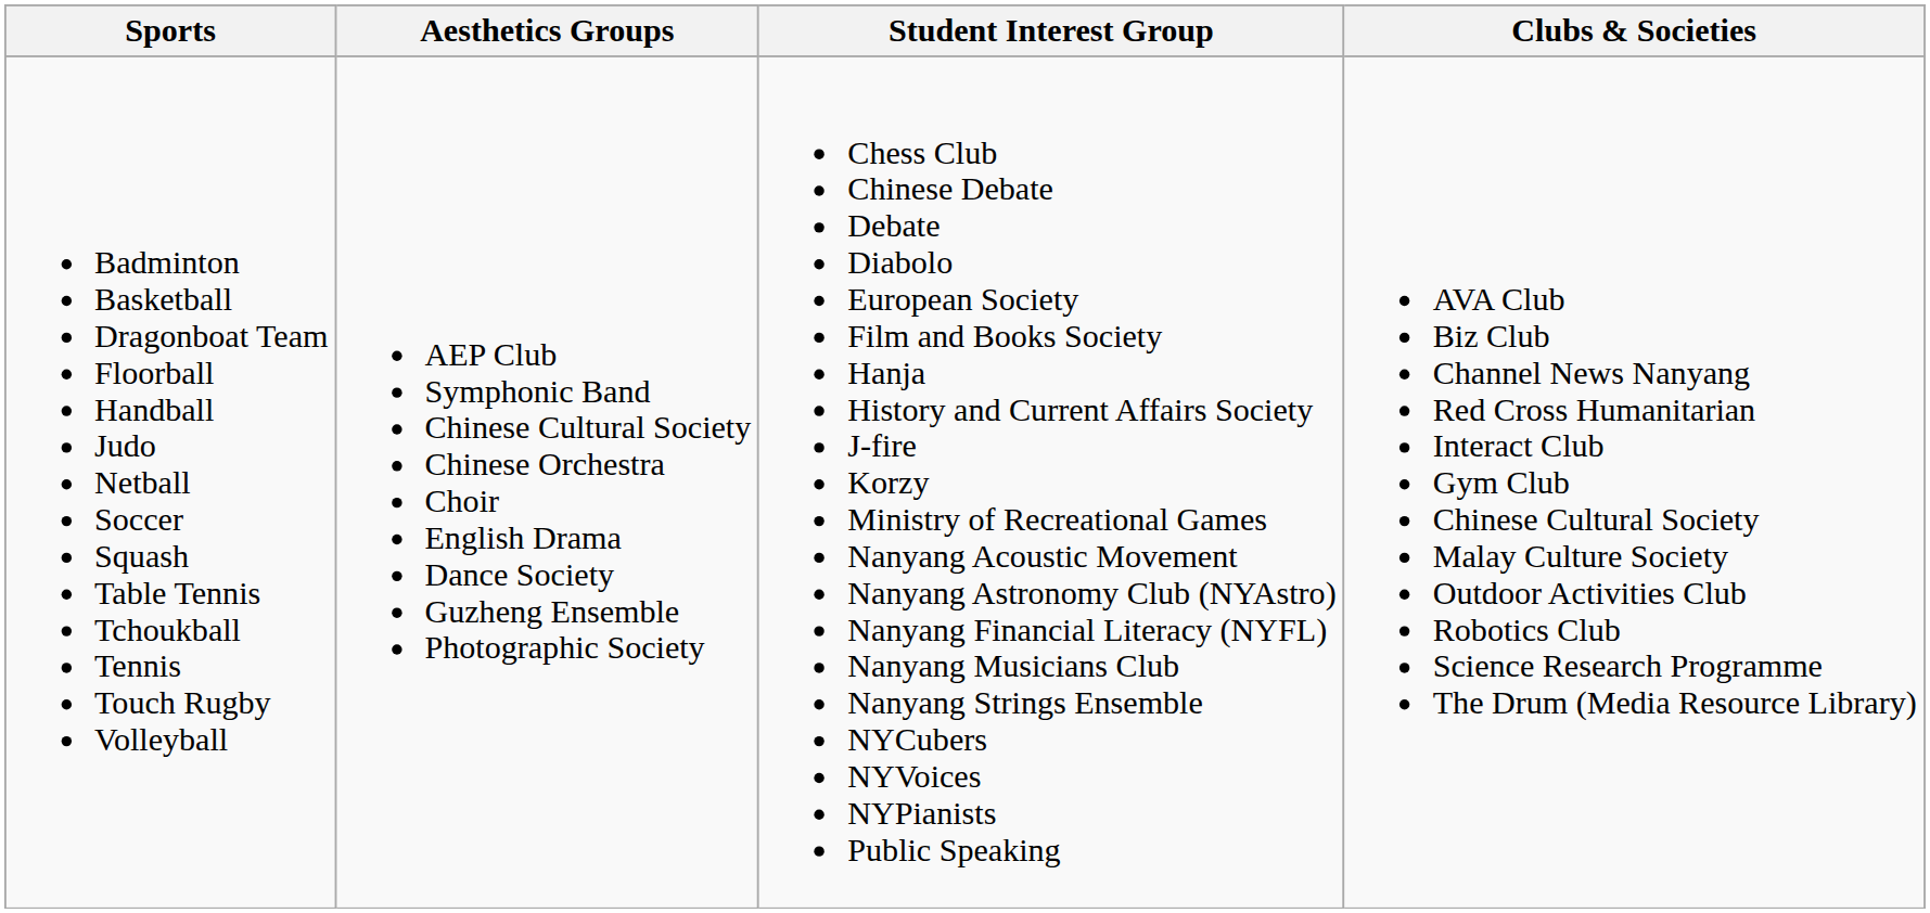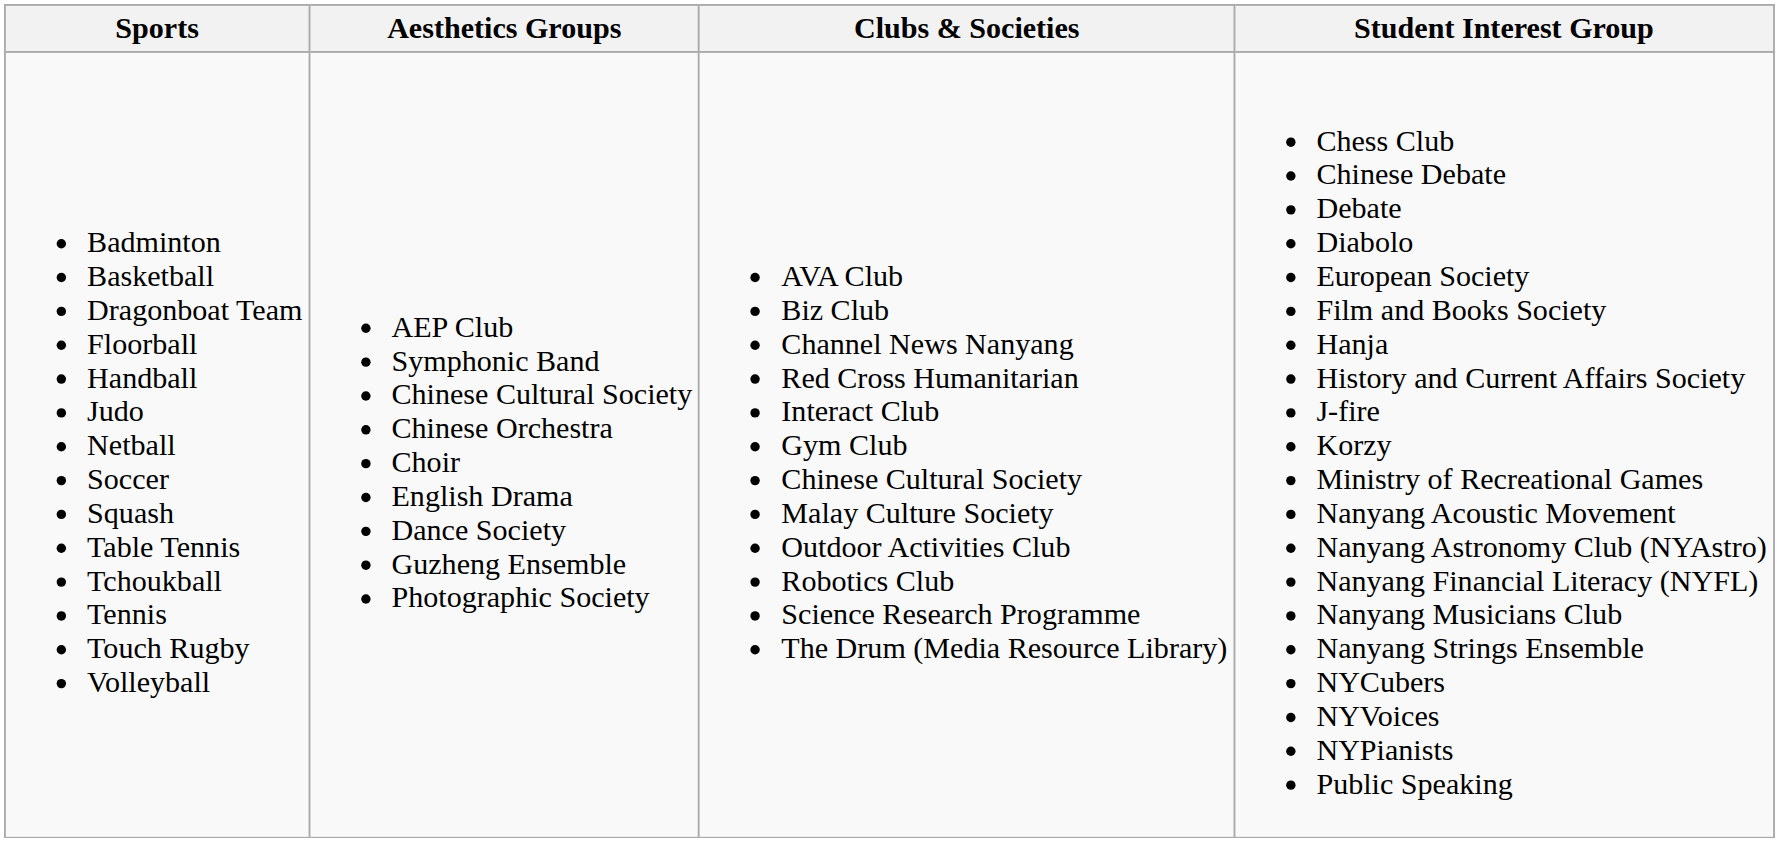 <table class="wikitable">
 <tr>
 <th>Sports</th>
 <th>Aesthetics Groups</th>
+<th>Clubs & Societies</th>
 <th>Student Interest Group</th>
-<th>Clubs & Societies</th>
 </tr>
 <tr>
 <td><br><ul><li>Badminton</li><li>Basketball</li><li>Dragonboat Team</li><li>Floorball</li><li>Handball</li><li>Judo</li><li>Netball</li><li>Soccer</li><li>Squash</li><li>Table Tennis</li><li>Tchoukball</li><li>Tennis</li><li>Touch Rugby</li><li>Volleyball</li></ul></td>
 <td><br><ul><li>AEP Club</li><li>Symphonic Band</li><li>Chinese Cultural Society</li><li>Chinese Orchestra</li><li>Choir</li><li>English Drama</li><li>Dance Society</li><li>Guzheng Ensemble</li><li>Photographic Society</li></ul></td>
+<td><br><ul><li>AVA Club</li><li>Biz Club</li><li>Channel News Nanyang</li><li>Red Cross Humanitarian</li><li>Interact Club</li><li>Gym Club</li><li>Chinese Cultural Society</li><li>Malay Culture Society</li><li>Outdoor Activities Club</li><li>Robotics Club</li><li>Science Research Programme</li><li>The Drum (Media Resource Library)</li></ul></td>
 <td><br><ul><li>Chess Club</li><li>Chinese Debate</li><li>Debate</li><li>Diabolo</li><li>European Society</li><li>Film and Books Society</li><li>Hanja</li><li>History and Current Affairs Society</li><li>J-fire</li><li>Korzy</li><li>Ministry of Recreational Games</li><li>Nanyang Acoustic Movement</li><li>Nanyang Astronomy Club (NYAstro)</li><li>Nanyang Financial Literacy (NYFL)</li><li>Nanyang Musicians Club</li><li>Nanyang Strings Ensemble</li><li>NYCubers</li><li>NYVoices</li><li>NYPianists</li><li>Public Speaking</li></ul></td>
-<td><br><ul><li>AVA Club</li><li>Biz Club</li><li>Channel News Nanyang</li><li>Red Cross Humanitarian</li><li>Interact Club</li><li>Gym Club</li><li>Chinese Cultural Society</li><li>Malay Culture Society</li><li>Outdoor Activities Club</li><li>Robotics Club</li><li>Science Research Programme</li><li>The Drum (Media Resource Library)</li></ul></td>
 </tr>
 </table>
